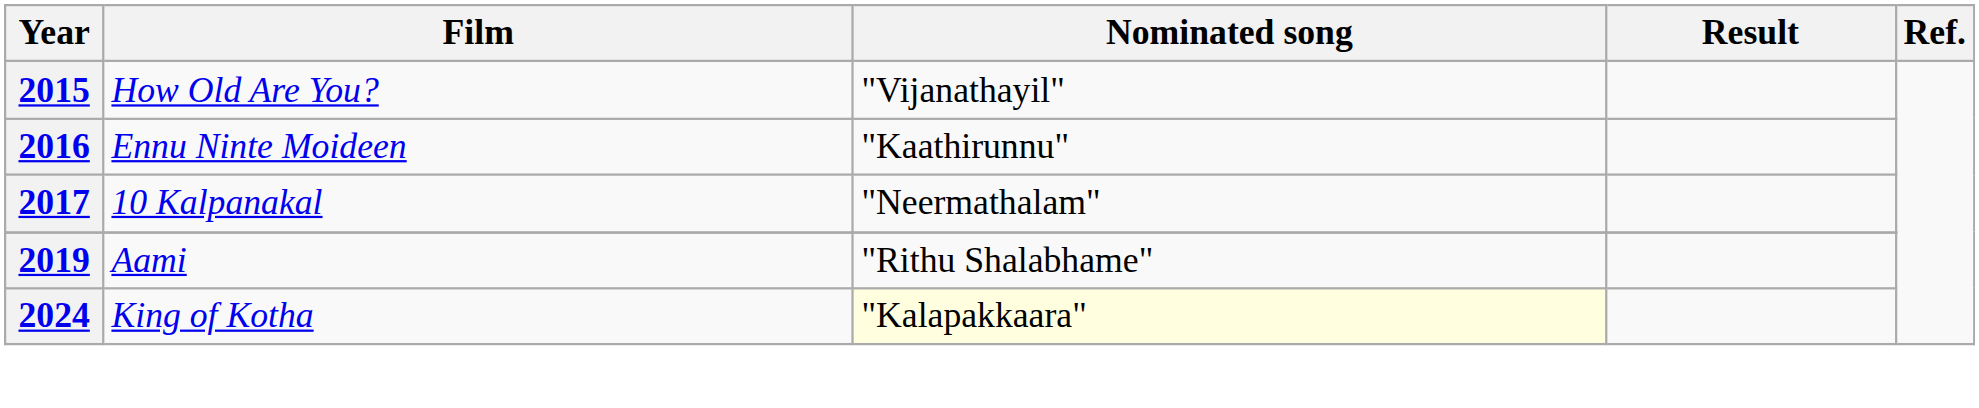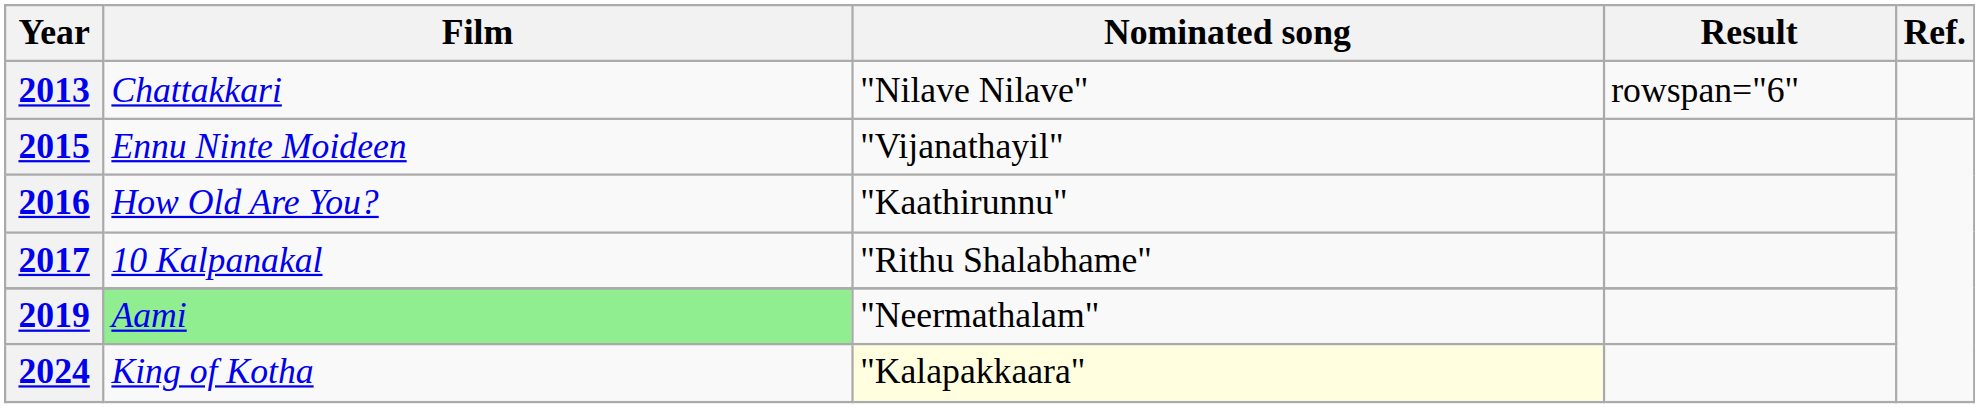 <table class="wikitable plainrowheaders" width="100%" textcolor:#000;">
 <tr>
 <th scope="col" width=5%><strong>Year</strong></th>
 <th scope="col" width=39%><strong>Film</strong></th>
 <th scope="col" width=39%><strong>Nominated song</strong></th>
 <th scope="col" width=15%><strong>Result</strong></th>
 <th scope="col" width=2%><strong>Ref.</strong></th>
 </tr>
 <tr>
+<th scope="row"><a href='#'>2013</a></th>
+<td><em><a href='#'>Chattakkari</a></em></td>
+<td>"Nilave Nilave"</td>
+<td>rowspan="6" </td>
+<td></td>
+</tr>
+<tr>
 <th scope="row"><a href='#'>2015</a></th>
-<td><em><a href='#'>How Old Are You?</a></em></td>
+<td><em><a href='#'>Ennu Ninte Moideen</a></em></td>
 <td>"Vijanathayil"</td>
 <td></td>
 </tr>
 <tr>
 <th scope="row"><a href='#'>2016</a></th>
-<td><em><a href='#'>Ennu Ninte Moideen</a></em></td>
+<td><em><a href='#'>How Old Are You?</a></em></td>
 <td>"Kaathirunnu"</td>
 <td></td>
 </tr>
 <tr>
 <th scope="row"><a href='#'>2017</a></th>
 <td><em><a href='#'>10 Kalpanakal</a></em></td>
-<td>"Neermathalam"</td>
+<td>"Rithu Shalabhame"</td>
 <td></td>
 </tr>
 <tr>
 </tr>
 <tr>
 <th scope="row"><a href='#'>2019</a></th>
-<td><em><a href='#'>Aami</a></em></td>
-<td>"Rithu Shalabhame"</td>
+<td style="background: lightgreen;"><em><a href='#'>Aami</a></em></td>
+<td>"Neermathalam"</td>
 <td></td>
 </tr>
 <tr>
 <th scope="row"><a href='#'>2024</a></th>
 <td><em><a href='#'>King of Kotha</a></em></td>
 <td style="background: lightyellow;">"Kalapakkaara"</td>
 <td></td>
 </tr>
 </table>
